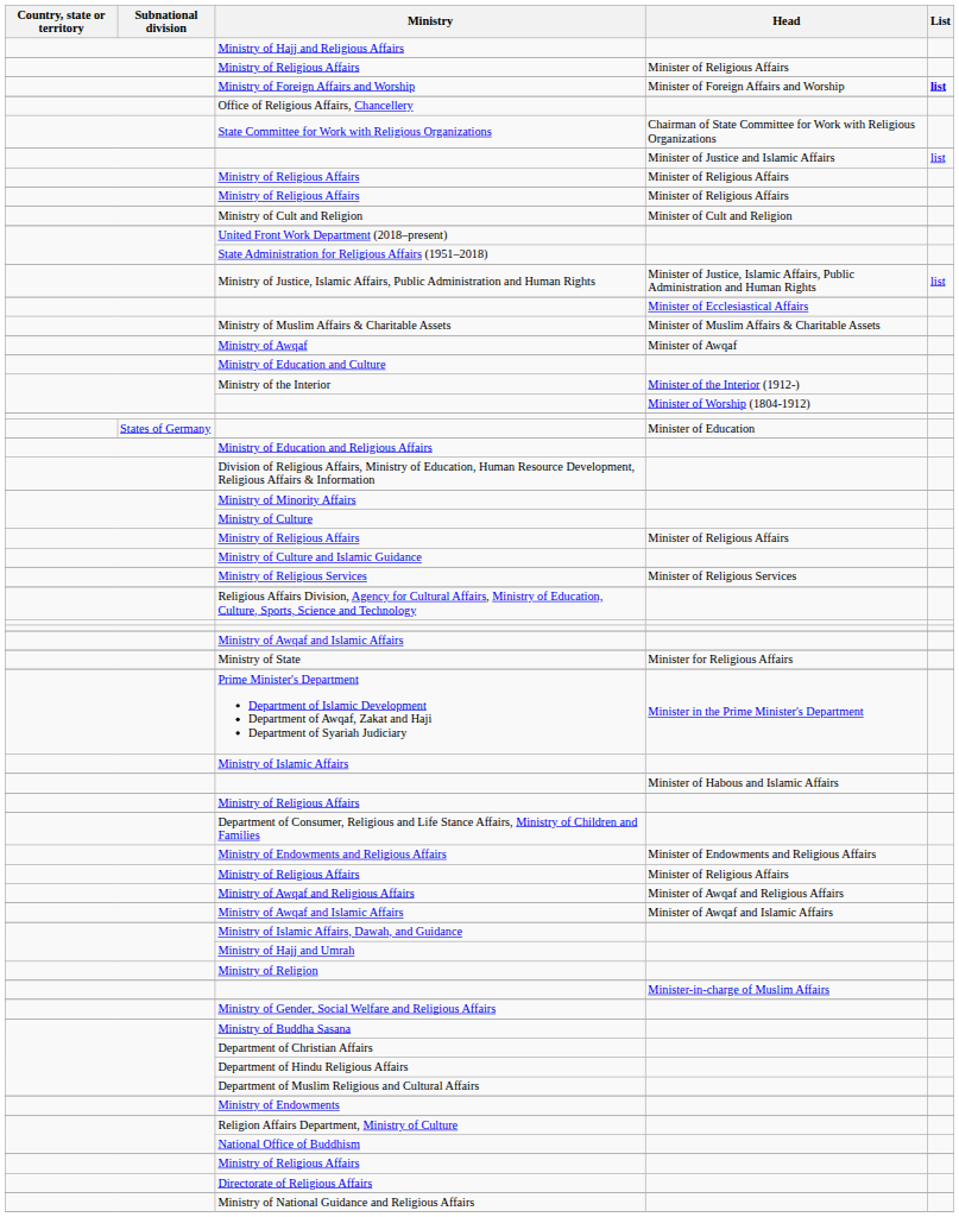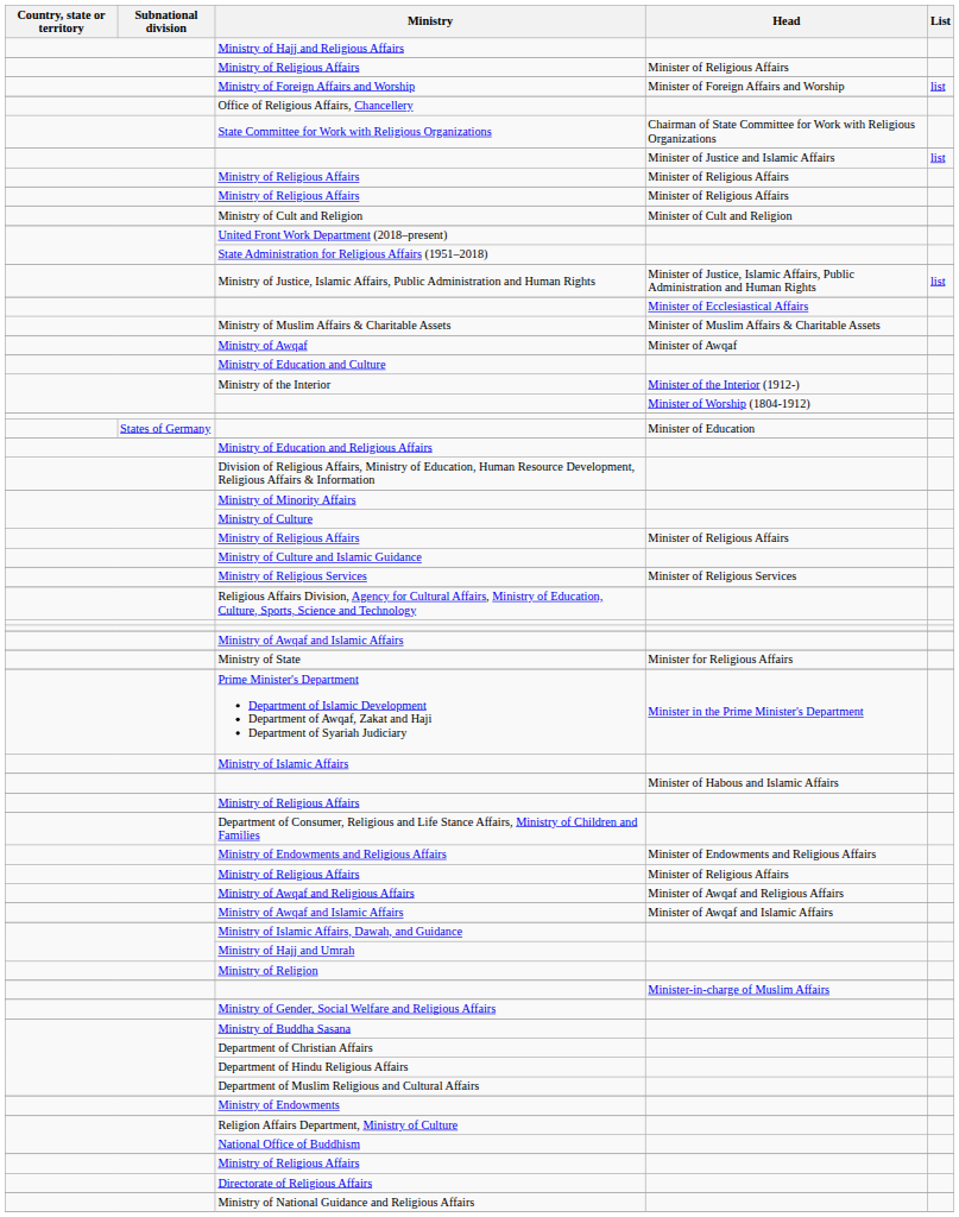 <table class="wikitable sortable">
 <tr>
 <th>Country, state or territory</th>
 <th>Subnational division</th>
 <th>Ministry</th>
 <th>Head</th>
 <th>List</th>
 </tr>
 <tr>
 <td colspan="2"></td>
 <td><a href='#'>Ministry of Hajj and Religious Affairs</a></td>
 <td></td>
 <td></td>
 </tr>
 <tr>
 </tr>
 <tr>
 <td colspan="2"></td>
 <td><a href='#'>Ministry of Religious Affairs</a></td>
 <td>Minister of Religious Affairs</td>
 <td></td>
 </tr>
 <tr>
 </tr>
 <tr>
 <td colspan="2"></td>
 <td><a href='#'>Ministry of Foreign Affairs and Worship</a></td>
 <td>Minister of Foreign Affairs and Worship</td>
-<td><strong><a href='#'>list</a></strong></td>
+<td><a href='#'>list</a></td>
 </tr>
 <tr>
 </tr>
 <tr>
 <td colspan="2"></td>
 <td>Office of Religious Affairs, <a href='#'>Chancellery</a></td>
 <td></td>
 <td></td>
 </tr>
 <tr>
 <td colspan="2"></td>
 <td><a href='#'>State Committee for Work with Religious Organizations</a></td>
 <td>Chairman of State Committee for Work with Religious Organizations</td>
 <td></td>
 </tr>
 <tr>
 </tr>
 <tr>
 <td colspan="2"></td>
 <td></td>
 <td>Minister of Justice and Islamic Affairs</td>
 <td><a href='#'>list</a></td>
 </tr>
 <tr>
 <td colspan="2"></td>
 <td><a href='#'>Ministry of Religious Affairs</a></td>
 <td>Minister of Religious Affairs</td>
 <td></td>
 </tr>
 <tr>
 </tr>
 <tr>
 <td colspan="2"></td>
 <td><a href='#'>Ministry of Religious Affairs</a></td>
 <td>Minister of Religious Affairs</td>
 <td></td>
 </tr>
 <tr>
 </tr>
 <tr>
 <td colspan="2"></td>
 <td>Ministry of Cult and Religion</td>
 <td>Minister of Cult and Religion</td>
 <td></td>
 </tr>
 <tr>
 </tr>
 <tr>
 <td rowspan="2" colspan="2"></td>
 <td><a href='#'>United Front Work Department</a> (2018–present)</td>
 <td></td>
 <td></td>
 </tr>
 <tr>
 <td><a href='#'>State Administration for Religious Affairs</a> (1951–2018)</td>
 <td></td>
 <td></td>
 </tr>
 <tr>
 </tr>
 <tr>
 <td colspan="2"></td>
 <td>Ministry of Justice, Islamic Affairs, Public Administration and Human Rights</td>
 <td>Minister of Justice, Islamic Affairs, Public Administration and Human Rights</td>
 <td><a href='#'>list</a></td>
 </tr>
 <tr>
 </tr>
 <tr>
 <td colspan="2"></td>
 <td></td>
 <td><a href='#'>Minister of Ecclesiastical Affairs</a></td>
 <td></td>
 </tr>
 <tr>
 <td colspan="2"></td>
 <td>Ministry of Muslim Affairs & Charitable Assets</td>
 <td>Minister of Muslim Affairs & Charitable Assets</td>
 <td></td>
 </tr>
 <tr>
 </tr>
 <tr>
 <td colspan="2"></td>
 <td><a href='#'>Ministry of Awqaf</a></td>
 <td>Minister of Awqaf</td>
 <td></td>
 </tr>
 <tr>
 </tr>
 <tr>
 <td colspan="2"></td>
 <td><a href='#'>Ministry of Education and Culture</a></td>
 <td></td>
 <td></td>
 </tr>
 <tr>
 <td rowspan="2" colspan="2"></td>
 <td>Ministry of the Interior</td>
 <td><a href='#'>Minister of the Interior</a> (1912-)</td>
 <td></td>
 </tr>
 <tr>
 <td></td>
 <td><a href='#'>Minister of Worship</a> (1804-1912)</td>
 <td></td>
 </tr>
 <tr>
 </tr>
 <tr>
 <td colspan="2"></td>
 <td></td>
 <td></td>
 <td></td>
 </tr>
 <tr>
 <td></td>
 <td><a href='#'>States of Germany</a></td>
 <td></td>
 <td>Minister of Education</td>
 <td></td>
 </tr>
 <tr>
 </tr>
 <tr>
 <td colspan="2"></td>
 <td><a href='#'>Ministry of Education and Religious Affairs</a></td>
 <td></td>
 <td></td>
 </tr>
 <tr>
 <td colspan="2"></td>
 <td>Division of Religious Affairs, Ministry of Education, Human Resource Development, Religious Affairs & Information</td>
 <td></td>
 <td></td>
 </tr>
 <tr>
 </tr>
 <tr>
 <td rowspan=2 colspan="2"></td>
 <td><a href='#'>Ministry of Minority Affairs</a></td>
 <td></td>
 <td></td>
 </tr>
 <tr>
 <td><a href='#'>Ministry of Culture</a></td>
 <td></td>
 <td></td>
 </tr>
 <tr>
 <td colspan="2"></td>
 <td><a href='#'>Ministry of Religious Affairs</a></td>
 <td>Minister of Religious Affairs</td>
 <td></td>
 </tr>
 <tr>
 <td colspan="2"></td>
 <td><a href='#'>Ministry of Culture and Islamic Guidance</a></td>
 <td></td>
 <td></td>
 </tr>
 <tr>
 </tr>
 <tr>
 <td colspan="2"></td>
 <td><a href='#'>Ministry of Religious Services</a></td>
 <td>Minister of Religious Services</td>
 <td></td>
 </tr>
 <tr>
 </tr>
 <tr>
 <td colspan="2"></td>
 <td>Religious Affairs Division, <a href='#'>Agency for Cultural Affairs</a>, <a href='#'>Ministry of Education, Culture, Sports, Science and Technology</a></td>
 <td></td>
 <td></td>
 </tr>
 <tr>
 <td colspan="2"></td>
 <td></td>
 <td></td>
 <td></td>
 </tr>
 <tr>
 <td colspan="2"></td>
 <td></td>
 <td></td>
 <td></td>
 </tr>
 <tr>
 </tr>
 <tr>
 <td colspan="2"></td>
 <td><a href='#'>Ministry of Awqaf and Islamic Affairs</a></td>
 <td></td>
 <td></td>
 </tr>
 <tr>
 </tr>
 <tr>
 <td colspan="2"></td>
 <td>Ministry of State</td>
 <td>Minister for Religious Affairs</td>
 <td></td>
 </tr>
 <tr>
 </tr>
 <tr>
 <td colspan="2"></td>
 <td><a href='#'>Prime Minister's Department</a><br><ul><li><a href='#'>Department of Islamic Development</a></li><li>Department of Awqaf, Zakat and Haji</li><li>Department of Syariah Judiciary</li></ul></td>
 <td><a href='#'>Minister in the Prime Minister's Department</a></td>
 <td></td>
 </tr>
 <tr>
 <td colspan="2"></td>
 <td><a href='#'>Ministry of Islamic Affairs</a></td>
 <td></td>
 <td></td>
 </tr>
 <tr>
 </tr>
 <tr>
 <td colspan="2"></td>
 <td></td>
 <td>Minister of Habous and Islamic Affairs</td>
 <td></td>
 </tr>
 <tr>
 </tr>
 <tr>
 <td colspan="2"></td>
 <td><a href='#'>Ministry of Religious Affairs</a></td>
 <td></td>
 <td></td>
 </tr>
 <tr>
 </tr>
 <tr>
 <td colspan="2"></td>
 <td>Department of Consumer, Religious and Life Stance Affairs, <a href='#'>Ministry of Children and Families</a></td>
 <td></td>
 <td></td>
 </tr>
 <tr>
 <td colspan="2"></td>
 <td><a href='#'>Ministry of Endowments and Religious Affairs</a></td>
 <td>Minister of Endowments and Religious Affairs</td>
 <td></td>
 </tr>
 <tr>
 <td colspan="2"></td>
 <td><a href='#'>Ministry of Religious Affairs</a></td>
 <td>Minister of Religious Affairs</td>
 <td></td>
 </tr>
 <tr>
 <td colspan="2"></td>
 <td><a href='#'>Ministry of Awqaf and Religious Affairs</a></td>
 <td>Minister of Awqaf and Religious Affairs</td>
 <td></td>
 </tr>
 <tr>
 </tr>
 <tr>
 <td colspan="2"></td>
 <td><a href='#'>Ministry of Awqaf and Islamic Affairs</a></td>
 <td>Minister of Awqaf and Islamic Affairs</td>
 <td></td>
 </tr>
 <tr>
 </tr>
 <tr>
 <td rowspan="2" colspan="2"></td>
 <td><a href='#'>Ministry of Islamic Affairs, Dawah, and Guidance</a></td>
 <td></td>
 <td></td>
 </tr>
 <tr>
 <td><a href='#'>Ministry of Hajj and Umrah</a></td>
 <td></td>
 <td><br></td>
 </tr>
 <tr>
 <td colspan="2"></td>
 <td><a href='#'>Ministry of Religion</a></td>
 <td></td>
 <td></td>
 </tr>
 <tr>
 </tr>
 <tr>
 <td colspan="2"></td>
 <td></td>
 <td><a href='#'>Minister-in-charge of Muslim Affairs</a></td>
 <td></td>
 </tr>
 <tr>
 </tr>
 <tr>
 <td colspan="2"></td>
 <td><a href='#'>Ministry of Gender, Social Welfare and Religious Affairs</a></td>
 <td></td>
 <td></td>
 </tr>
 <tr>
 </tr>
 <tr>
 <td rowspan="4" colspan="2"></td>
 <td><a href='#'>Ministry of Buddha Sasana</a></td>
 <td></td>
 <td></td>
 </tr>
 <tr>
 <td>Department of Christian Affairs</td>
 <td></td>
 <td></td>
 </tr>
 <tr>
 <td>Department of Hindu Religious Affairs</td>
 <td></td>
 <td></td>
 </tr>
 <tr>
 <td>Department of Muslim Religious and Cultural Affairs</td>
 <td></td>
 <td></td>
 </tr>
 <tr>
 </tr>
 <tr>
 <td colspan="2"></td>
 <td><a href='#'>Ministry of Endowments</a></td>
 <td></td>
 <td></td>
 </tr>
 <tr>
 </tr>
 <tr>
 <td rowspan="2" colspan="2"></td>
 <td>Religion Affairs Department, <a href='#'>Ministry of Culture</a></td>
 <td></td>
 <td></td>
 </tr>
 <tr>
 <td><a href='#'>National Office of Buddhism</a></td>
 <td></td>
 <td></td>
 </tr>
 <tr>
 </tr>
 <tr>
 <td colspan="2"></td>
 <td><a href='#'>Ministry of Religious Affairs</a></td>
 <td></td>
 <td></td>
 </tr>
 <tr>
 <td colspan="2"></td>
 <td><a href='#'>Directorate of Religious Affairs</a></td>
 <td></td>
 <td></td>
 </tr>
 <tr>
 </tr>
 <tr>
 <td colspan="2"></td>
 <td>Ministry of National Guidance and Religious Affairs</td>
 <td></td>
 <td></td>
 </tr>
 <tr>
 </tr>
 </table>
